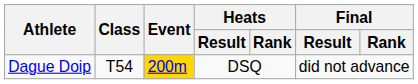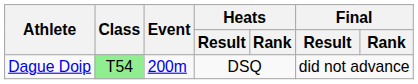 <table class=wikitable style="font-size:90%">
 <tr>
 <th rowspan="2">Athlete</th>
 <th rowspan="2">Class</th>
 <th rowspan="2">Event</th>
 <th colspan="2">Heats</th>
 <th colspan="2">Final</th>
 </tr>
 <tr>
 <th>Result</th>
 <th>Rank</th>
 <th>Result</th>
 <th>Rank</th>
 </tr>
 <tr>
 <td><a href='#'>Dague Doip</a></td>
-<td style="text-align:center;">T54</td>
-<td style="background: gold;"><a href='#'>200m</a></td>
+<td style="background: lightgreen; text-align:center;">T54</td>
+<td><a href='#'>200m</a></td>
 <td style="text-align:center;" colspan="2">DSQ</td>
 <td style="text-align:center;" colspan="2">did not advance</td>
 </tr>
 </table>
